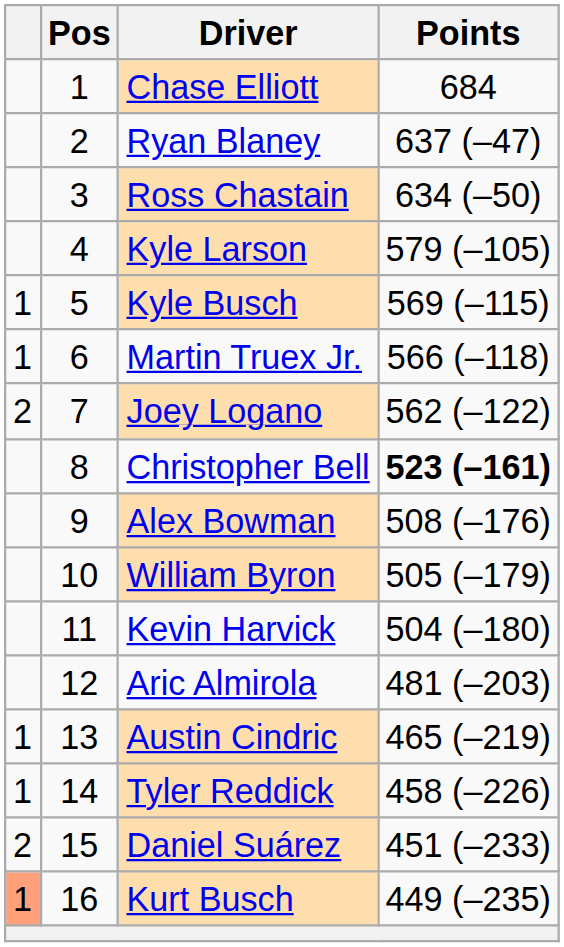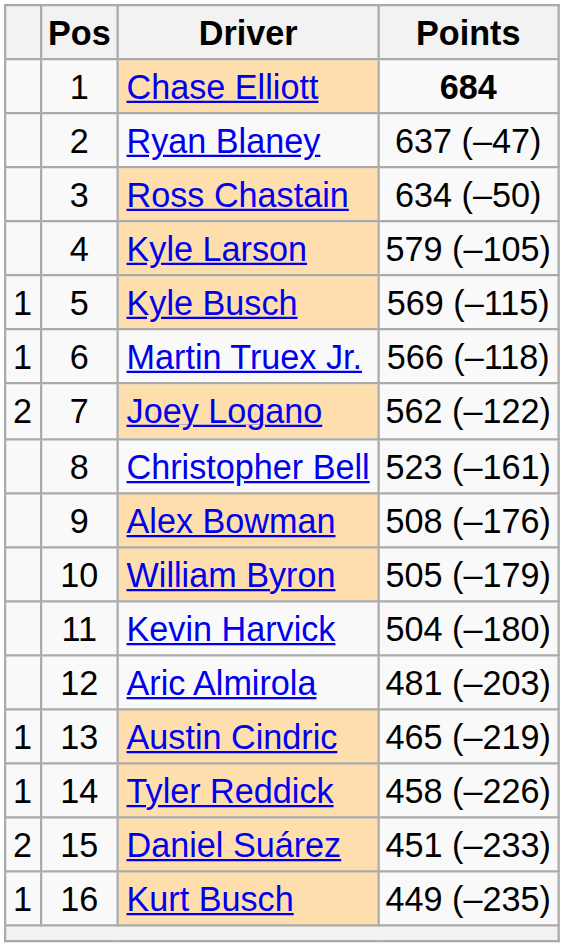 <table class="wikitable" style="font-size: 95%">
 <tr>
 <th></th>
 <th>Pos</th>
 <th>Driver</th>
 <th>Points</th>
 </tr>
 <tr>
 <td align="left"></td>
 <td style="text-align:center;">1</td>
 <td style="background:#FFDEAD;"><a href='#'>Chase Elliott</a></td>
-<td style="text-align:center;">684</td>
+<td style="text-align:center;"><strong>684</strong></td>
 </tr>
 <tr>
 <td align="left"></td>
 <td style="text-align:center;">2</td>
 <td><a href='#'>Ryan Blaney</a></td>
 <td style="text-align:center;">637 (–47)</td>
 </tr>
 <tr>
 <td align="left"></td>
 <td style="text-align:center;">3</td>
 <td style="background:#FFDEAD;"><a href='#'>Ross Chastain</a></td>
 <td style="text-align:center;">634 (–50)</td>
 </tr>
 <tr>
 <td align="left"></td>
 <td style="text-align:center;">4</td>
 <td style="background:#FFDEAD;"><a href='#'>Kyle Larson</a></td>
 <td style="text-align:center;">579 (–105)</td>
 </tr>
 <tr>
 <td align="left"> 1</td>
 <td style="text-align:center;">5</td>
 <td style="background:#FFDEAD;"><a href='#'>Kyle Busch</a></td>
 <td style="text-align:center;">569 (–115)</td>
 </tr>
 <tr>
 <td align="left"> 1</td>
 <td style="text-align:center;">6</td>
 <td><a href='#'>Martin Truex Jr.</a></td>
 <td style="text-align:center;">566 (–118)</td>
 </tr>
 <tr>
 <td align="left"> 2</td>
 <td style="text-align:center;">7</td>
 <td style="background:#FFDEAD;"><a href='#'>Joey Logano</a></td>
 <td style="text-align:center;">562 (–122)</td>
 </tr>
 <tr>
 <td align="left"></td>
 <td style="text-align:center;">8</td>
 <td><a href='#'>Christopher Bell</a></td>
-<td style="text-align:center;"><strong>523 (–161)</strong></td>
+<td style="text-align:center;">523 (–161)</td>
 </tr>
 <tr>
 <td align="left"></td>
 <td style="text-align:center;">9</td>
 <td style="background:#FFDEAD;"><a href='#'>Alex Bowman</a></td>
 <td style="text-align:center;">508 (–176)</td>
 </tr>
 <tr>
 <td align="left"></td>
 <td style="text-align:center;">10</td>
 <td style="background:#FFDEAD;"><a href='#'>William Byron</a></td>
 <td style="text-align:center;">505 (–179)</td>
 </tr>
 <tr>
 <td align="left"></td>
 <td style="text-align:center;">11</td>
 <td><a href='#'>Kevin Harvick</a></td>
 <td style="text-align:center;">504 (–180)</td>
 </tr>
 <tr>
 <td align="left"></td>
 <td style="text-align:center;">12</td>
 <td><a href='#'>Aric Almirola</a></td>
 <td style="text-align:center;">481 (–203)</td>
 </tr>
 <tr>
 <td align="left"> 1</td>
 <td style="text-align:center;">13</td>
 <td style="background:#FFDEAD;"><a href='#'>Austin Cindric</a></td>
 <td style="text-align:center;">465 (–219)</td>
 </tr>
 <tr>
 <td align="left"> 1</td>
 <td style="text-align:center;">14</td>
 <td style="background:#FFDEAD;"><a href='#'>Tyler Reddick</a></td>
 <td style="text-align:center;">458 (–226)</td>
 </tr>
 <tr>
 <td align="left"> 2</td>
 <td style="text-align:center;">15</td>
 <td style="background:#FFDEAD;"><a href='#'>Daniel Suárez</a></td>
 <td style="text-align:center;">451 (–233)</td>
 </tr>
 <tr>
-<td align="left" style="background: lightsalmon;"> 1</td>
+<td align="left"> 1</td>
 <td style="text-align:center;">16</td>
 <td style="background:#FFDEAD;"><a href='#'>Kurt Busch</a></td>
 <td style="text-align:center;">449 (–235)</td>
 </tr>
 <tr class="sortbottom">
 <th colspan="9"></th>
 </tr>
 </table>
